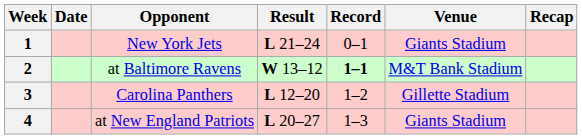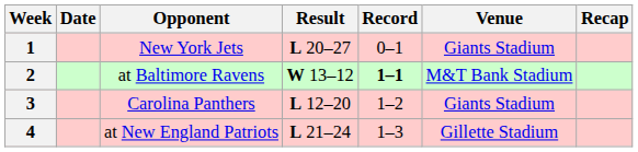 <table class="wikitable" style="text-align:center">
 <tr>
 <th>Week</th>
 <th>Date</th>
 <th>Opponent</th>
 <th>Result</th>
 <th>Record</th>
 <th>Venue</th>
 <th>Recap</th>
 </tr>
 <tr style="background:#fcc">
 <th>1</th>
 <td></td>
 <td><a href='#'>New York Jets</a></td>
-<td><strong>L</strong> 21–24</td>
+<td><strong>L</strong> 20–27</td>
 <td>0–1</td>
 <td><a href='#'>Giants Stadium</a></td>
 <td></td>
 </tr>
 <tr style="background:#cfc">
 <th>2</th>
 <td></td>
 <td>at <a href='#'>Baltimore Ravens</a></td>
 <td><strong>W</strong> 13–12</td>
 <td><strong>1–1</strong></td>
 <td><a href='#'>M&T Bank Stadium</a></td>
 <td></td>
 </tr>
 <tr style="background:#fcc">
 <th>3</th>
 <td></td>
 <td><a href='#'>Carolina Panthers</a></td>
 <td><strong>L</strong> 12–20</td>
 <td>1–2</td>
-<td><a href='#'>Gillette Stadium</a></td>
+<td><a href='#'>Giants Stadium</a></td>
 <td></td>
 </tr>
 <tr style="background:#fcc">
 <th>4</th>
 <td></td>
 <td>at <a href='#'>New England Patriots</a></td>
-<td><strong>L</strong> 20–27</td>
+<td><strong>L</strong> 21–24</td>
 <td>1–3</td>
-<td><a href='#'>Giants Stadium</a></td>
+<td><a href='#'>Gillette Stadium</a></td>
 <td></td>
 </tr>
 </table>
